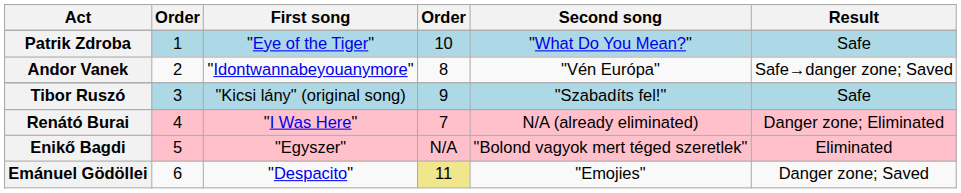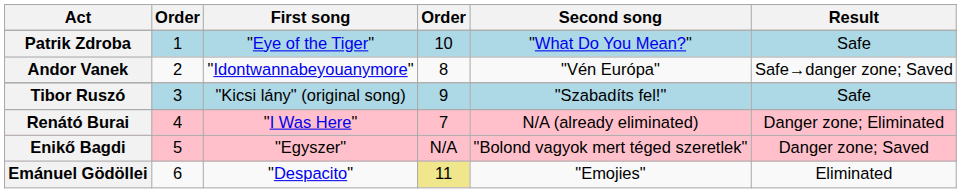 <table class="wikitable" style="text-align:center;">
 <tr>
 <th scope="col">Act</th>
 <th scope="col">Order</th>
 <th scope="col">First song</th>
 <th scope="col">Order</th>
 <th scope="col">Second song</th>
 <th scope="col">Result</th>
 </tr>
 <tr>
 </tr>
 <tr bgcolor="lightblue">
 <th scope="row">Patrik Zdroba</th>
 <td>1</td>
 <td>"<a href='#'>Eye of the Tiger</a>"</td>
 <td>10</td>
 <td>"<a href='#'>What Do You Mean?</a>"</td>
 <td>Safe</td>
 </tr>
 <tr>
 <th scope="row">Andor Vanek</th>
 <td>2</td>
 <td>"<a href='#'>Idontwannabeyouanymore</a>"</td>
 <td>8</td>
 <td>"Vén Európa"</td>
 <td>Safe→danger zone; Saved</td>
 </tr>
 <tr>
 </tr>
 <tr bgcolor="lightblue">
 <th scope="row">Tibor Ruszó</th>
 <td>3</td>
 <td>"Kicsi lány" (original song)</td>
 <td>9</td>
 <td>"Szabadíts fel!"</td>
 <td>Safe</td>
 </tr>
 <tr>
 </tr>
 <tr bgcolor="pink">
 <th scope="row">Renátó Burai</th>
 <td>4</td>
 <td>"<a href='#'>I Was Here</a>"</td>
 <td>7</td>
 <td>N/A (already eliminated)</td>
 <td>Danger zone; Eliminated</td>
 </tr>
 <tr bgcolor="pink">
 <th scope="row">Enikő Bagdi</th>
 <td>5</td>
 <td>"Egyszer"</td>
 <td>N/A</td>
 <td>"Bolond vagyok mert téged szeretlek"</td>
-<td>Eliminated</td>
+<td>Danger zone; Saved</td>
 </tr>
 <tr>
 <th scope="row">Emánuel Gödöllei</th>
 <td>6</td>
 <td>"<a href='#'>Despacito</a>"</td>
 <td style="background: khaki;">11</td>
 <td>"Emojies"</td>
-<td>Danger zone; Saved</td>
+<td>Eliminated</td>
 </tr>
 </table>
